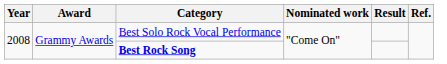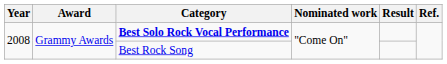 <table class="wikitable">
 <tr>
 <th scope="col">Year</th>
 <th scope="col">Award</th>
 <th scope="col">Category</th>
 <th scope="col">Nominated work</th>
 <th scope="col">Result</th>
 <th scope="col">Ref.</th>
 </tr>
 <tr>
 <td scope="row" rowspan="2">2008</td>
 <td scope="row" rowspan="2"><a href='#'>Grammy Awards</a></td>
-<td><a href='#'>Best Solo Rock Vocal Performance</a></td>
+<td><strong><a href='#'>Best Solo Rock Vocal Performance</a></strong></td>
 <td rowspan="2">"Come On"</td>
 <td></td>
 <td rowspan="2" align="center"></td>
 </tr>
 <tr>
-<td><strong><a href='#'>Best Rock Song</a></strong></td>
+<td><a href='#'>Best Rock Song</a></td>
 <td></td>
 </tr>
 </table>
